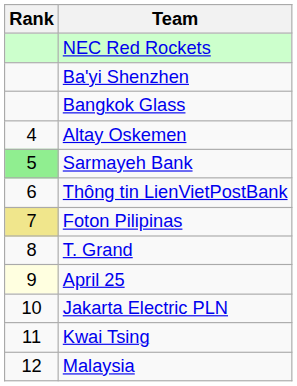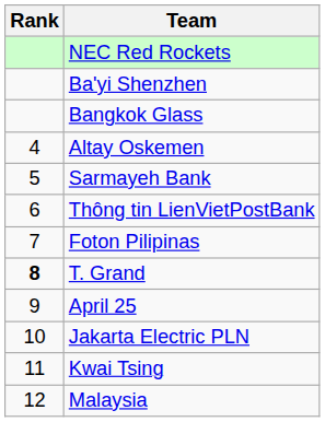 <table class="wikitable" style="text-align: center;">
 <tr>
 <th width=40>Rank</th>
 <th>Team</th>
 </tr>
 <tr bgcolor=#ccffcc>
 <td></td>
 <td align=left> <a href='#'>NEC Red Rockets</a></td>
 </tr>
 <tr>
 <td></td>
 <td align=left> <a href='#'>Ba'yi Shenzhen</a></td>
 </tr>
 <tr>
 <td></td>
 <td align=left> <a href='#'>Bangkok Glass</a></td>
 </tr>
 <tr>
 <td>4</td>
 <td align=left> <a href='#'>Altay Oskemen</a></td>
 </tr>
 <tr>
-<td style="background: lightgreen;">5</td>
+<td>5</td>
 <td align=left> <a href='#'>Sarmayeh Bank</a></td>
 </tr>
 <tr>
 <td>6</td>
 <td align=left> <a href='#'>Thông tin LienVietPostBank</a></td>
 </tr>
 <tr>
-<td style="background: khaki;">7</td>
+<td>7</td>
 <td align=left> <a href='#'>Foton Pilipinas</a></td>
 </tr>
 <tr>
-<td>8</td>
+<td><strong>8</strong></td>
 <td align=left> <a href='#'>T. Grand</a></td>
 </tr>
 <tr>
-<td style="background: lightyellow;">9</td>
+<td>9</td>
 <td align=left> <a href='#'>April 25</a></td>
 </tr>
 <tr>
 <td>10</td>
 <td align=left> <a href='#'>Jakarta Electric PLN</a></td>
 </tr>
 <tr>
 <td>11</td>
 <td align=left> <a href='#'>Kwai Tsing</a></td>
 </tr>
 <tr>
 <td>12</td>
 <td align=left> <a href='#'>Malaysia</a></td>
 </tr>
 </table>
